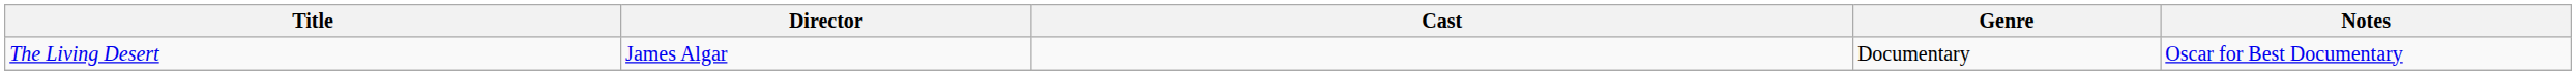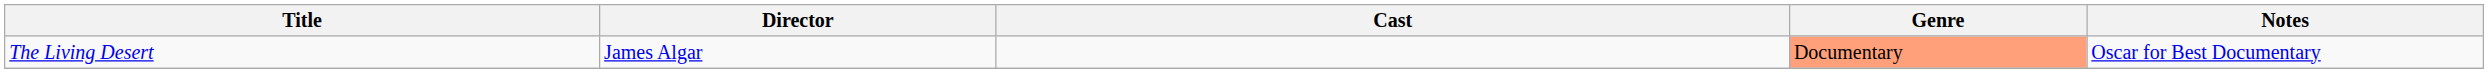 <table class="wikitable" style="width:100%;">
 <tr>
 <th style="width:24%;">Title</th>
 <th style="width:16%;">Director</th>
 <th style="width:32%;">Cast</th>
 <th style="width:12%;">Genre</th>
 <th style="width:16%;">Notes</th>
 </tr>
 <tr>
 <td><em><a href='#'>The Living Desert</a></em></td>
 <td><a href='#'>James Algar</a></td>
 <td></td>
-<td>Documentary</td>
+<td style="background: lightsalmon;">Documentary</td>
 <td><a href='#'>Oscar for Best Documentary</a></td>
 </tr>
 <tr>
 </tr>
 </table>
